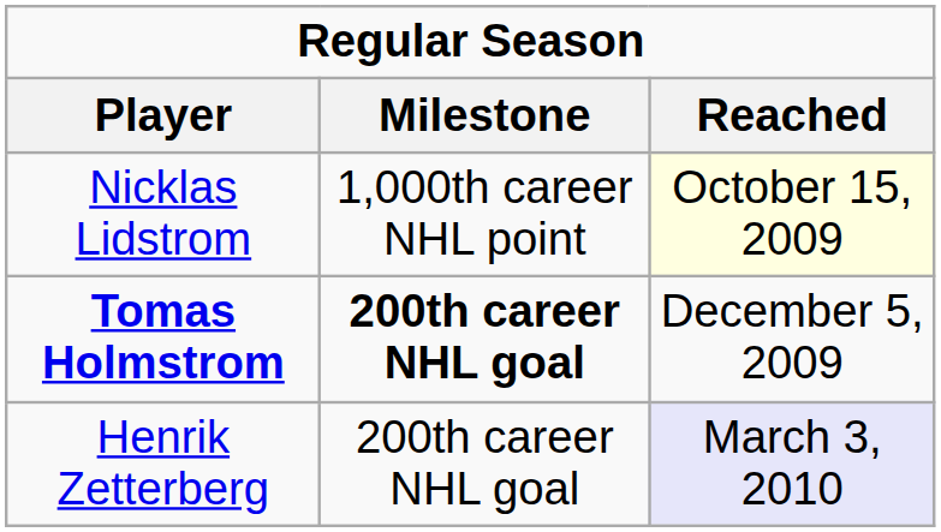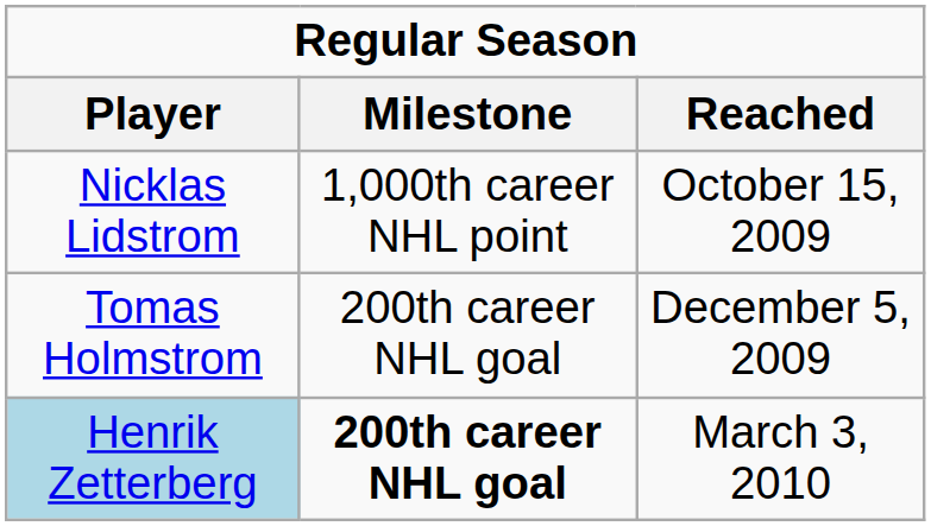 <table class="wikitable" width="52%" style="text-align:center">
 <tr>
 <td colspan="10" align="center"><strong>Regular Season</strong></td>
 </tr>
 <tr>
 <th>Player</th>
 <th>Milestone</th>
 <th>Reached</th>
 </tr>
 <tr>
 <td><a href='#'>Nicklas Lidstrom</a></td>
 <td>1,000th career NHL point</td>
-<td style="background: lightyellow;">October 15, 2009</td>
+<td>October 15, 2009</td>
 </tr>
 <tr>
-<td><strong><a href='#'>Tomas Holmstrom</a></strong></td>
-<td><strong>200th career NHL goal</strong></td>
+<td><a href='#'>Tomas Holmstrom</a></td>
+<td>200th career NHL goal</td>
 <td>December 5, 2009</td>
 </tr>
 <tr>
-<td><a href='#'>Henrik Zetterberg</a></td>
-<td>200th career NHL goal</td>
-<td style="background: lavender;">March 3, 2010</td>
+<td style="background: lightblue;"><a href='#'>Henrik Zetterberg</a></td>
+<td><strong>200th career NHL goal</strong></td>
+<td>March 3, 2010</td>
 </tr>
 </table>
